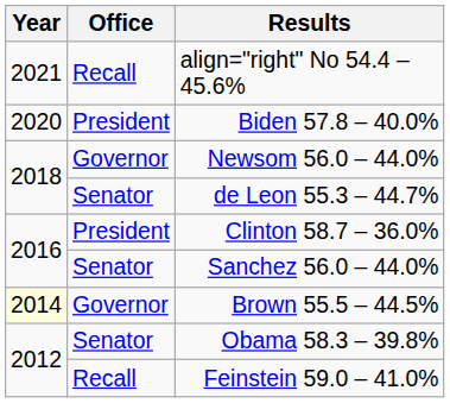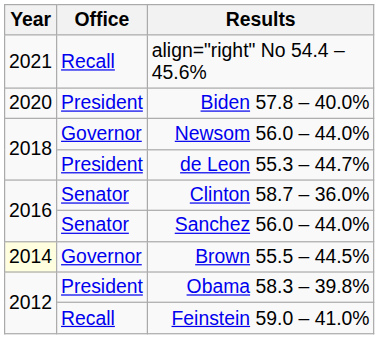 <table class=wikitable>
 <tr>
 <th width="30">Year</th>
 <th width="60">Office</th>
 <th width="180">Results</th>
 </tr>
 <tr>
 <td>2021</td>
 <td><a href='#'>Recall</a></td>
 <td>align="right"  No 54.4 – 45.6%</td>
 </tr>
 <tr>
 <td rowspan="1">2020</td>
 <td><a href='#'>President</a></td>
 <td align="right" ><a href='#'>Biden</a> 57.8 – 40.0%</td>
 </tr>
 <tr>
 <td rowspan="2">2018</td>
 <td><a href='#'>Governor</a></td>
 <td align="right" ><a href='#'>Newsom</a> 56.0 – 44.0%</td>
 </tr>
 <tr>
-<td><a href='#'>Senator</a></td>
+<td><a href='#'>President</a></td>
 <td align="right" ><a href='#'>de Leon</a> 55.3 – 44.7%</td>
 </tr>
 <tr>
 <td rowspan="2">2016</td>
-<td><a href='#'>President</a></td>
+<td><a href='#'>Senator</a></td>
 <td align="right" ><a href='#'>Clinton</a> 58.7 – 36.0%</td>
 </tr>
 <tr>
 <td><a href='#'>Senator</a></td>
 <td align="right" ><a href='#'>Sanchez</a> 56.0 – 44.0%</td>
 </tr>
 <tr>
 <td style="background: lightyellow;">2014</td>
 <td><a href='#'>Governor</a></td>
 <td align="right" ><a href='#'>Brown</a> 55.5 – 44.5%</td>
 </tr>
 <tr>
 <td rowspan="2">2012</td>
-<td><a href='#'>Senator</a></td>
+<td><a href='#'>President</a></td>
 <td align="right" ><a href='#'>Obama</a> 58.3 – 39.8%</td>
 </tr>
 <tr>
 <td><a href='#'>Recall</a></td>
 <td align="right" ><a href='#'>Feinstein</a> 59.0 – 41.0%</td>
 </tr>
 </table>
